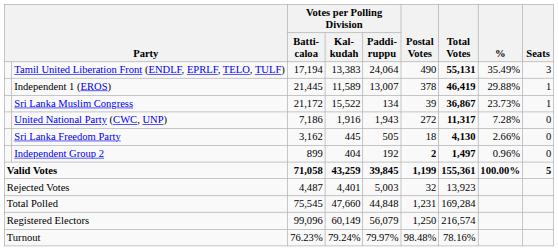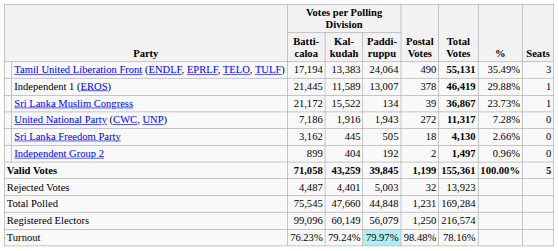 <table class="wikitable" border="1" style="text-align:right;">
 <tr>
 <th align=left valign=bottom rowspan=2 colspan=2>Party</th>
 <th colspan=3>Votes per Polling Division</th>
 <th align=center valign=bottom rowspan=2 width="50">Postal<br>Votes</th>
 <th align=center valign=bottom rowspan=2 width="50">Total Votes</th>
 <th align=center valign=bottom rowspan=2 width="50">%</th>
 <th align=center valign=bottom rowspan=2 width="40">Seats</th>
 </tr>
 <tr>
 <th align=center valign=bottom width="50">Batti-<br>caloa</th>
 <th align=center valign=bottom width="50">Kal-<br>kudah</th>
 <th align=center valign=bottom width="50">Paddi-<br>ruppu</th>
 </tr>
 <tr>
 <td bgcolor=> </td>
 <td align=left><a href='#'>Tamil United Liberation Front</a> (<a href='#'>ENDLF</a>, <a href='#'>EPRLF</a>, <a href='#'>TELO</a>, <a href='#'>TULF</a>)</td>
 <td>17,194</td>
 <td>13,383</td>
 <td>24,064</td>
 <td>490</td>
 <td><strong>55,131</strong></td>
 <td>35.49%</td>
 <td>3</td>
 </tr>
 <tr>
 <td bgcolor=> </td>
 <td align=left>Independent 1 (<a href='#'>EROS</a>)</td>
 <td>21,445</td>
 <td>11,589</td>
 <td>13,007</td>
 <td>378</td>
 <td><strong>46,419</strong></td>
 <td>29.88%</td>
 <td>1</td>
 </tr>
 <tr>
 <td bgcolor=> </td>
 <td align=left><a href='#'>Sri Lanka Muslim Congress</a></td>
 <td>21,172</td>
 <td>15,522</td>
 <td>134</td>
 <td>39</td>
 <td><strong>36,867</strong></td>
 <td>23.73%</td>
 <td>1</td>
 </tr>
 <tr>
 <td bgcolor=> </td>
 <td align=left><a href='#'>United National Party</a> (<a href='#'>CWC</a>, <a href='#'>UNP</a>)</td>
 <td>7,186</td>
 <td>1,916</td>
 <td>1,943</td>
 <td>272</td>
 <td><strong>11,317</strong></td>
 <td>7.28%</td>
 <td>0</td>
 </tr>
 <tr>
 <td bgcolor=> </td>
 <td align=left><a href='#'>Sri Lanka Freedom Party</a></td>
 <td>3,162</td>
 <td>445</td>
 <td>505</td>
 <td>18</td>
 <td><strong>4,130</strong></td>
 <td>2.66%</td>
 <td>0</td>
 </tr>
 <tr>
 <td bgcolor=> </td>
 <td align=left><a href='#'>Independent Group 2</a></td>
 <td>899</td>
 <td>404</td>
 <td>192</td>
-<td><strong>2</strong></td>
+<td>2</td>
 <td><strong>1,497</strong></td>
 <td>0.96%</td>
 <td>0</td>
 </tr>
 <tr>
 <td align=left colspan=2><strong>Valid Votes</strong></td>
 <td><strong>71,058</strong></td>
 <td><strong>43,259</strong></td>
 <td><strong>39,845</strong></td>
 <td><strong>1,199</strong></td>
 <td><strong>155,361</strong></td>
 <td><strong>100.00%</strong></td>
 <td><strong>5</strong></td>
 </tr>
 <tr>
 <td align=left colspan=2>Rejected Votes</td>
 <td>4,487</td>
 <td>4,401</td>
 <td>5,003</td>
 <td>32</td>
 <td>13,923</td>
 <td></td>
 <td></td>
 </tr>
 <tr>
 <td align=left colspan=2>Total Polled</td>
 <td>75,545</td>
 <td>47,660</td>
 <td>44,848</td>
 <td>1,231</td>
 <td>169,284</td>
 <td></td>
 <td></td>
 </tr>
 <tr>
 <td align=left colspan=2>Registered Electors</td>
 <td>99,096</td>
 <td>60,149</td>
 <td>56,079</td>
 <td>1,250</td>
 <td>216,574</td>
 <td></td>
 <td></td>
 </tr>
 <tr>
 <td align=left colspan=2>Turnout</td>
 <td>76.23%</td>
 <td>79.24%</td>
-<td>79.97%</td>
+<td style="background: paleturquoise;">79.97%</td>
 <td>98.48%</td>
 <td>78.16%</td>
 <td></td>
 <td></td>
 </tr>
 </table>
